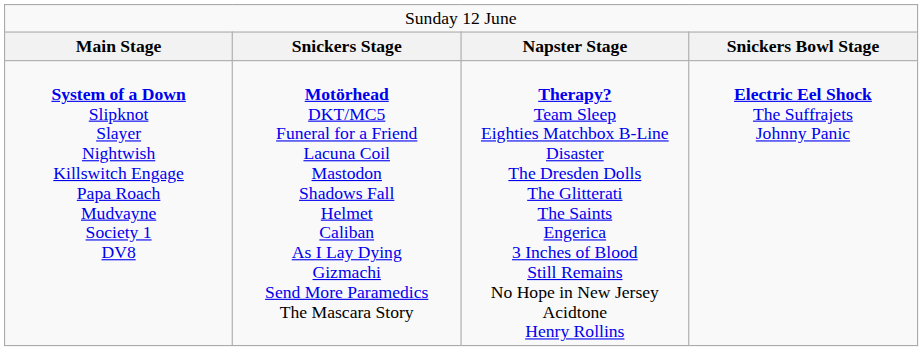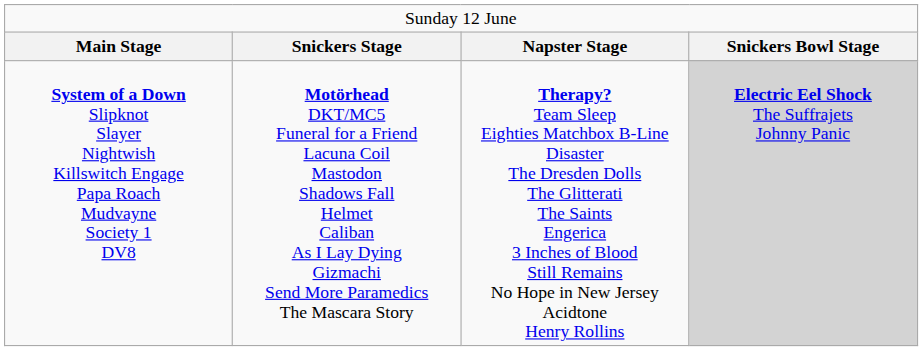 <table class="wikitable">
 <tr>
 <td colspan="4" style="text-align:center;">Sunday 12 June</td>
 </tr>
 <tr>
 <th>Main Stage</th>
 <th>Snickers Stage</th>
 <th>Napster Stage</th>
 <th>Snickers Bowl Stage</th>
 </tr>
 <tr>
 <td style="text-align:center; vertical-align:top; width:200px;"><br><strong><a href='#'>System of a Down</a></strong> <br><a href='#'>Slipknot</a> <br><a href='#'>Slayer</a> <br><a href='#'>Nightwish</a> <br><a href='#'>Killswitch Engage</a> <br><a href='#'>Papa Roach</a> <br><a href='#'>Mudvayne</a> <br><a href='#'>Society 1</a> <br><a href='#'>DV8</a></td>
 <td style="text-align:center; vertical-align:top; width:200px;"><br><strong><a href='#'>Motörhead</a></strong> <br><a href='#'>DKT/MC5</a> <br><a href='#'>Funeral for a Friend</a> <br><a href='#'>Lacuna Coil</a> <br><a href='#'>Mastodon</a> <br><a href='#'>Shadows Fall</a> <br><a href='#'>Helmet</a> <br><a href='#'>Caliban</a> <br><a href='#'>As I Lay Dying</a> <br><a href='#'>Gizmachi</a> <br><a href='#'>Send More Paramedics</a> <br>The Mascara Story</td>
 <td style="text-align:center; vertical-align:top; width:200px;"><br><strong><a href='#'>Therapy?</a></strong> <br><a href='#'>Team Sleep</a> <br><a href='#'>Eighties Matchbox B-Line Disaster</a> <br><a href='#'>The Dresden Dolls</a> <br><a href='#'>The Glitterati</a> <br><a href='#'>The Saints</a> <br><a href='#'>Engerica</a> <br><a href='#'>3 Inches of Blood</a> <br><a href='#'>Still Remains</a> <br>No Hope in New Jersey <br>Acidtone <br><a href='#'>Henry Rollins</a></td>
-<td style="text-align:center; vertical-align:top; width:200px;"><br><strong><a href='#'>Electric Eel Shock</a></strong> <br><a href='#'>The Suffrajets</a> <br><a href='#'>Johnny Panic</a></td>
+<td style="background: lightgrey; text-align:center; vertical-align:top; width:200px;"><br><strong><a href='#'>Electric Eel Shock</a></strong> <br><a href='#'>The Suffrajets</a> <br><a href='#'>Johnny Panic</a></td>
 </tr>
 </table>
